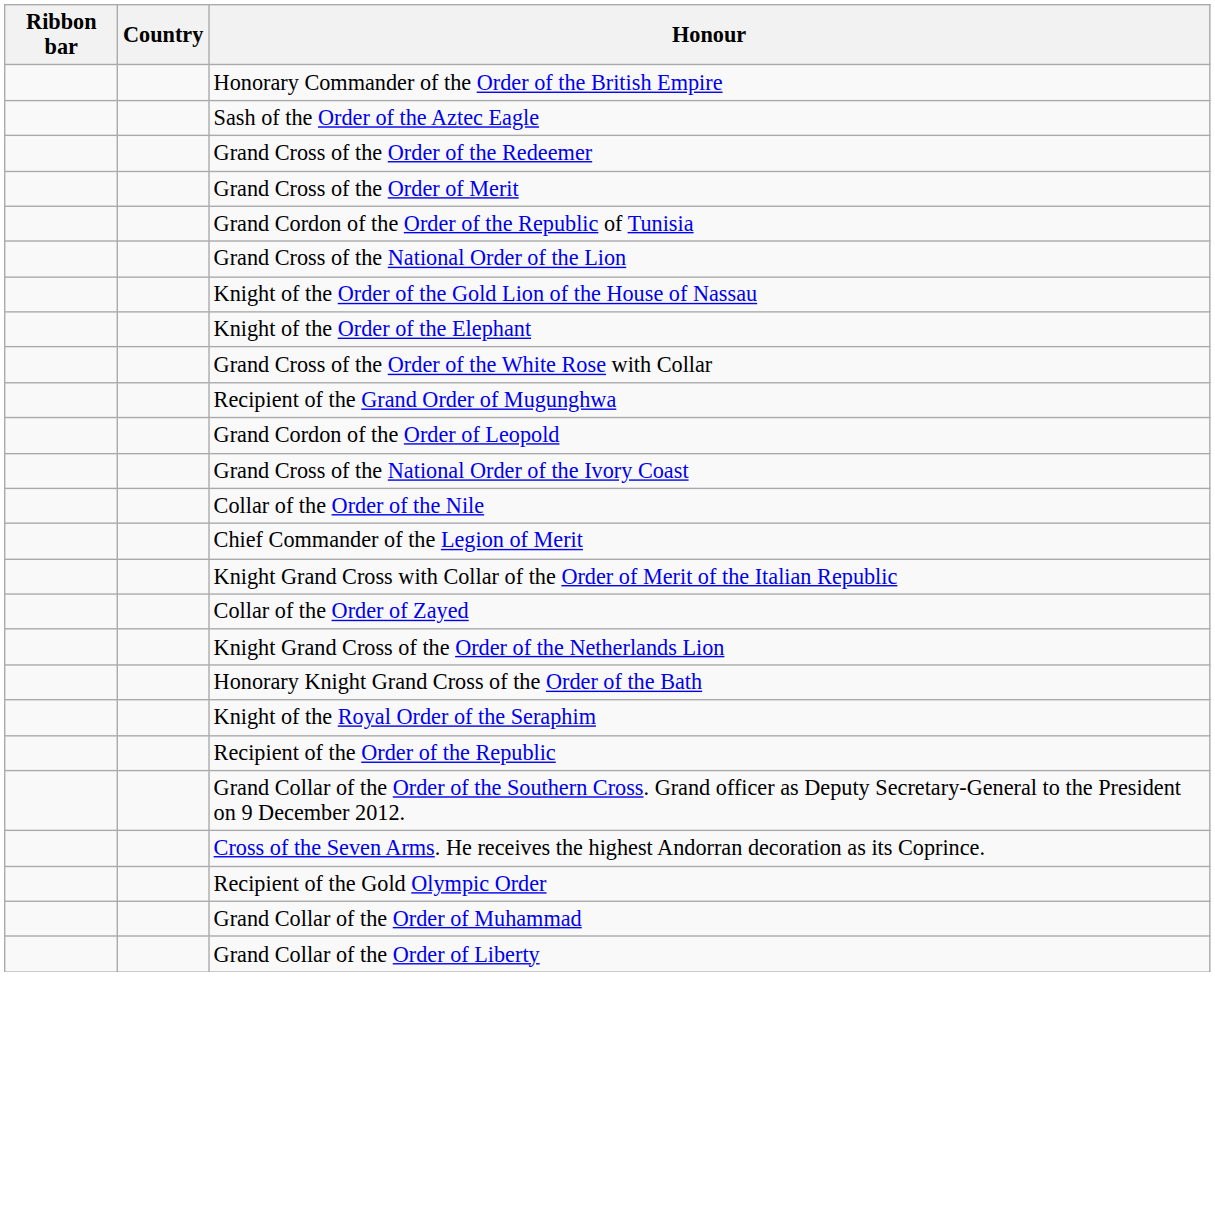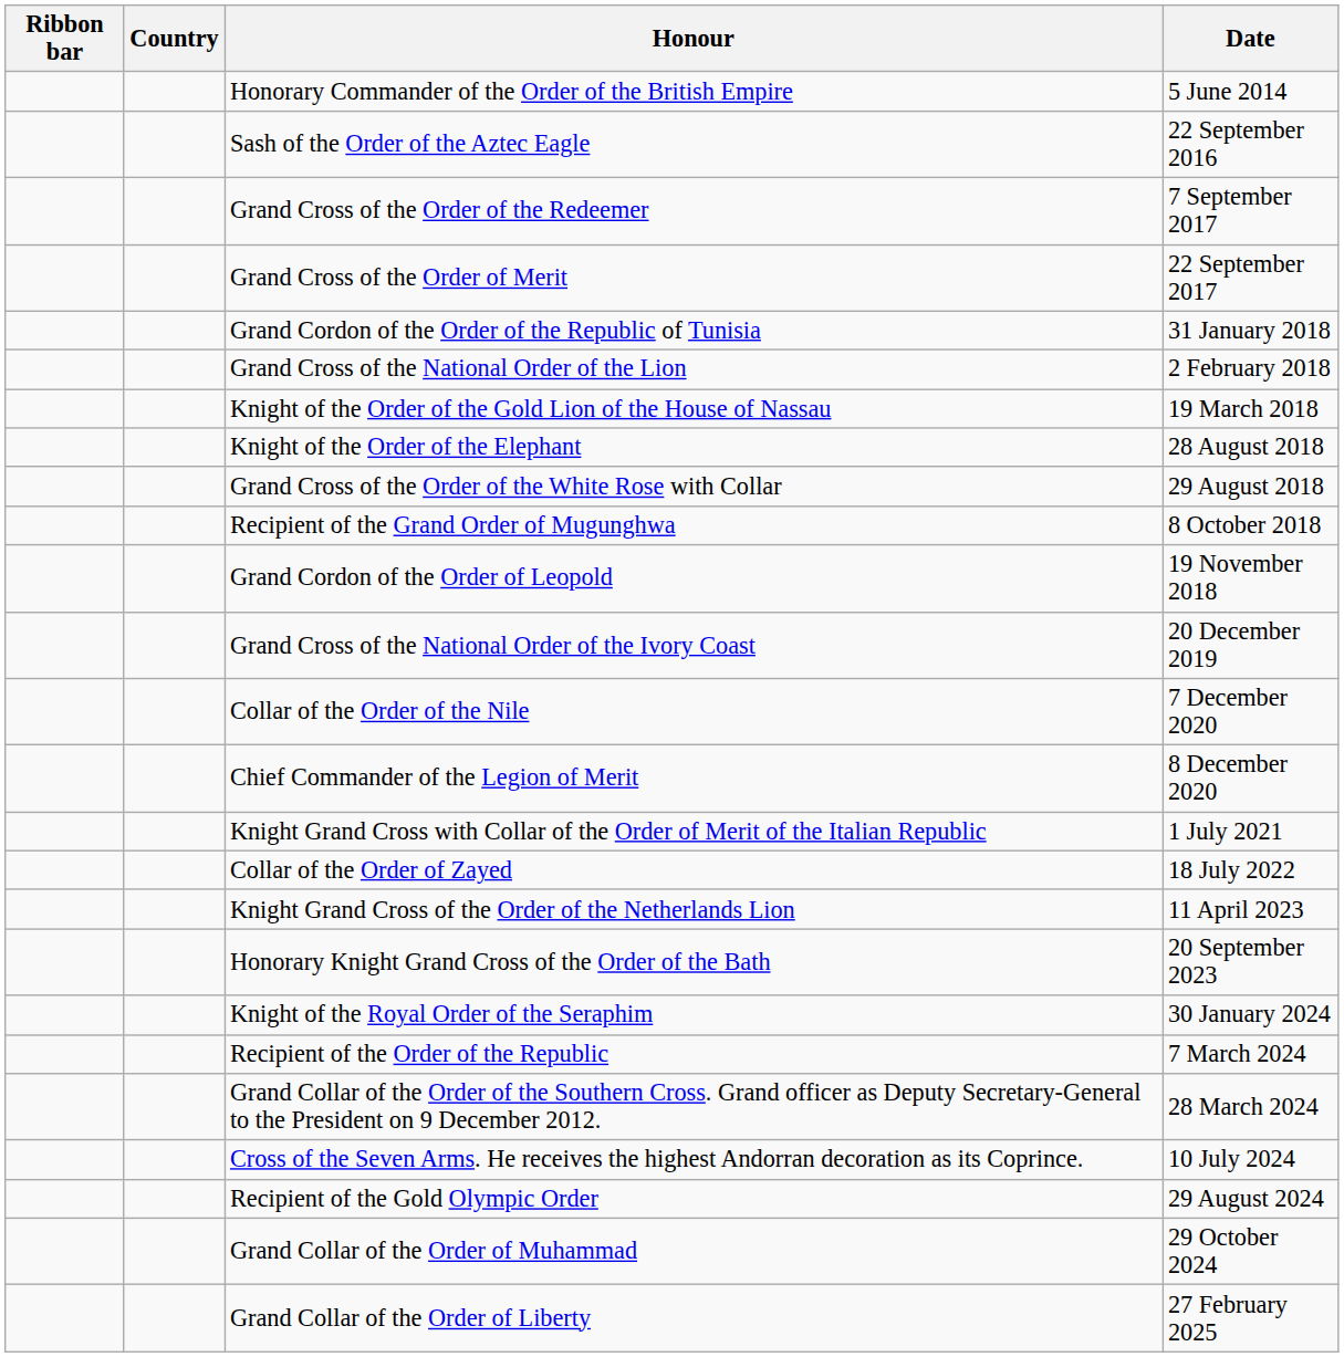 <table class="wikitable">
 <tr>
 <th style="text-align: center;">Ribbon bar</th>
 <th>Country</th>
 <th>Honour</th>
+<th>Date</th>
 </tr>
 <tr>
 <td></td>
 <td></td>
 <td>Honorary Commander of the <a href='#'>Order of the British Empire</a></td>
+<td>5 June 2014</td>
 </tr>
 <tr>
 <td></td>
 <td></td>
 <td>Sash of the <a href='#'>Order of the Aztec Eagle</a></td>
+<td>22 September 2016</td>
 </tr>
 <tr>
 <td></td>
 <td></td>
 <td>Grand Cross of the <a href='#'>Order of the Redeemer</a></td>
+<td>7 September 2017</td>
 </tr>
 <tr>
 <td></td>
 <td></td>
 <td>Grand Cross of the <a href='#'>Order of Merit</a></td>
+<td>22 September 2017</td>
 </tr>
 <tr>
 <td></td>
 <td></td>
 <td>Grand Cordon of the <a href='#'>Order of the Republic</a> of <a href='#'>Tunisia</a></td>
+<td>31 January 2018</td>
 </tr>
 <tr>
 <td></td>
 <td></td>
 <td>Grand Cross of the <a href='#'>National Order of the Lion</a></td>
+<td>2 February 2018</td>
 </tr>
 <tr>
 <td></td>
 <td></td>
 <td>Knight of the <a href='#'>Order of the Gold Lion of the House of Nassau</a></td>
+<td>19 March 2018</td>
 </tr>
 <tr>
 <td></td>
 <td></td>
 <td>Knight of the <a href='#'>Order of the Elephant</a></td>
+<td>28 August 2018</td>
 </tr>
 <tr>
 <td></td>
 <td></td>
 <td>Grand Cross of the <a href='#'>Order of the White Rose</a> with Collar</td>
+<td>29 August 2018</td>
 </tr>
 <tr>
 <td></td>
 <td></td>
 <td>Recipient of the <a href='#'>Grand Order of Mugunghwa</a></td>
+<td>8 October 2018</td>
 </tr>
 <tr>
 <td></td>
 <td></td>
 <td>Grand Cordon of the <a href='#'>Order of Leopold</a></td>
+<td>19 November 2018</td>
 </tr>
 <tr>
 <td></td>
 <td></td>
 <td>Grand Cross of the <a href='#'>National Order of the Ivory Coast</a></td>
+<td>20 December 2019</td>
 </tr>
 <tr>
 <td></td>
 <td></td>
 <td>Collar of the <a href='#'>Order of the Nile</a></td>
+<td>7 December 2020</td>
 </tr>
 <tr>
 <td></td>
 <td></td>
 <td>Chief Commander of the <a href='#'>Legion of Merit</a></td>
+<td>8 December 2020</td>
 </tr>
 <tr>
 <td></td>
 <td></td>
 <td>Knight Grand Cross with Collar of the <a href='#'>Order of Merit of the Italian Republic</a></td>
+<td>1 July 2021</td>
 </tr>
 <tr>
 <td></td>
 <td></td>
 <td>Collar of the <a href='#'>Order of Zayed</a></td>
+<td>18 July 2022</td>
 </tr>
 <tr>
 <td></td>
 <td></td>
 <td>Knight Grand Cross of the <a href='#'>Order of the Netherlands Lion</a></td>
+<td>11 April 2023</td>
 </tr>
 <tr>
 <td></td>
 <td></td>
 <td>Honorary Knight Grand Cross of the <a href='#'>Order of the Bath</a></td>
+<td>20 September 2023</td>
 </tr>
 <tr>
 <td></td>
 <td></td>
 <td>Knight of the <a href='#'>Royal Order of the Seraphim</a></td>
+<td>30 January 2024</td>
 </tr>
 <tr>
 <td></td>
 <td></td>
 <td>Recipient of the <a href='#'>Order of the Republic</a></td>
+<td>7 March 2024</td>
 </tr>
 <tr>
 <td></td>
 <td></td>
 <td>Grand Collar of the <a href='#'>Order of the Southern Cross</a>. Grand officer as Deputy Secretary-General to the President on 9 December 2012.</td>
+<td>28 March 2024</td>
 </tr>
 <tr>
 <td></td>
 <td></td>
 <td><a href='#'>Cross of the Seven Arms</a>. He receives the highest Andorran decoration as its Coprince.</td>
+<td>10 July 2024</td>
 </tr>
 <tr>
 <td></td>
 <td></td>
 <td>Recipient of the Gold <a href='#'>Olympic Order</a></td>
+<td>29 August 2024</td>
 </tr>
 <tr>
 <td></td>
 <td></td>
 <td>Grand Collar of the <a href='#'>Order of Muhammad</a></td>
+<td>29 October 2024</td>
 </tr>
 <tr>
 <td></td>
 <td></td>
 <td>Grand Collar of the <a href='#'>Order of Liberty</a></td>
+<td>27 February 2025</td>
 </tr>
 </table>
